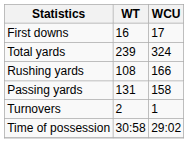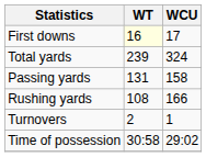 <table class="wikitable" style="float: left;">
 <tr>
 <th>Statistics</th>
 <th>WT</th>
 <th>WCU</th>
 </tr>
 <tr>
 <td>First downs</td>
-<td>16</td>
+<td style="background: lightyellow;">16</td>
 <td>17</td>
 </tr>
 <tr>
 <td>Total yards</td>
 <td>239</td>
 <td>324</td>
 </tr>
 <tr>
+<td>Passing yards</td>
+<td>131</td>
+<td>158</td>
+</tr>
+<tr>
 <td>Rushing yards</td>
 <td>108</td>
 <td>166</td>
-</tr>
-<tr>
-<td>Passing yards</td>
-<td>131</td>
-<td>158</td>
 </tr>
 <tr>
 <td>Turnovers</td>
 <td>2</td>
 <td>1</td>
 </tr>
 <tr>
 <td>Time of possession</td>
 <td>30:58</td>
 <td>29:02</td>
 </tr>
 <tr>
 </tr>
 </table>
